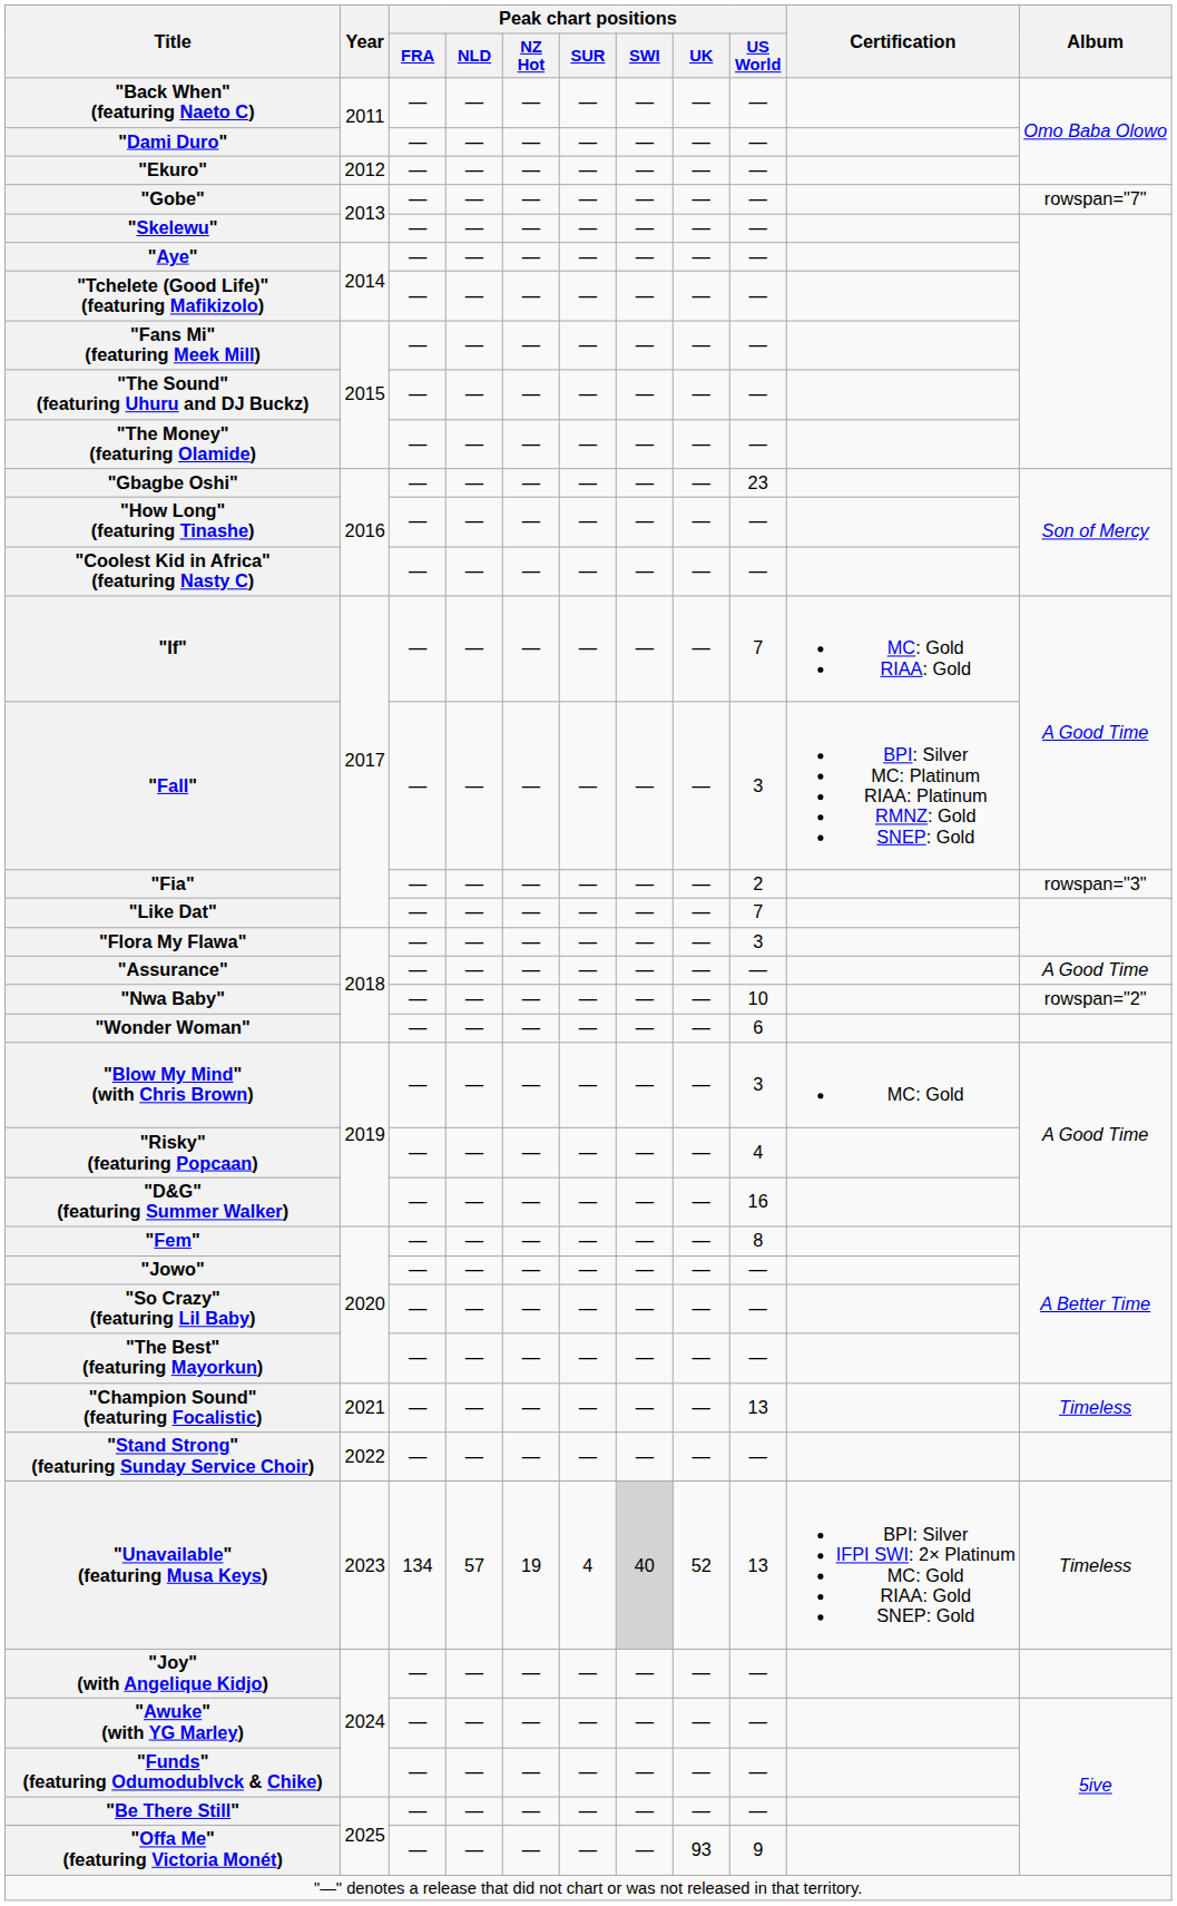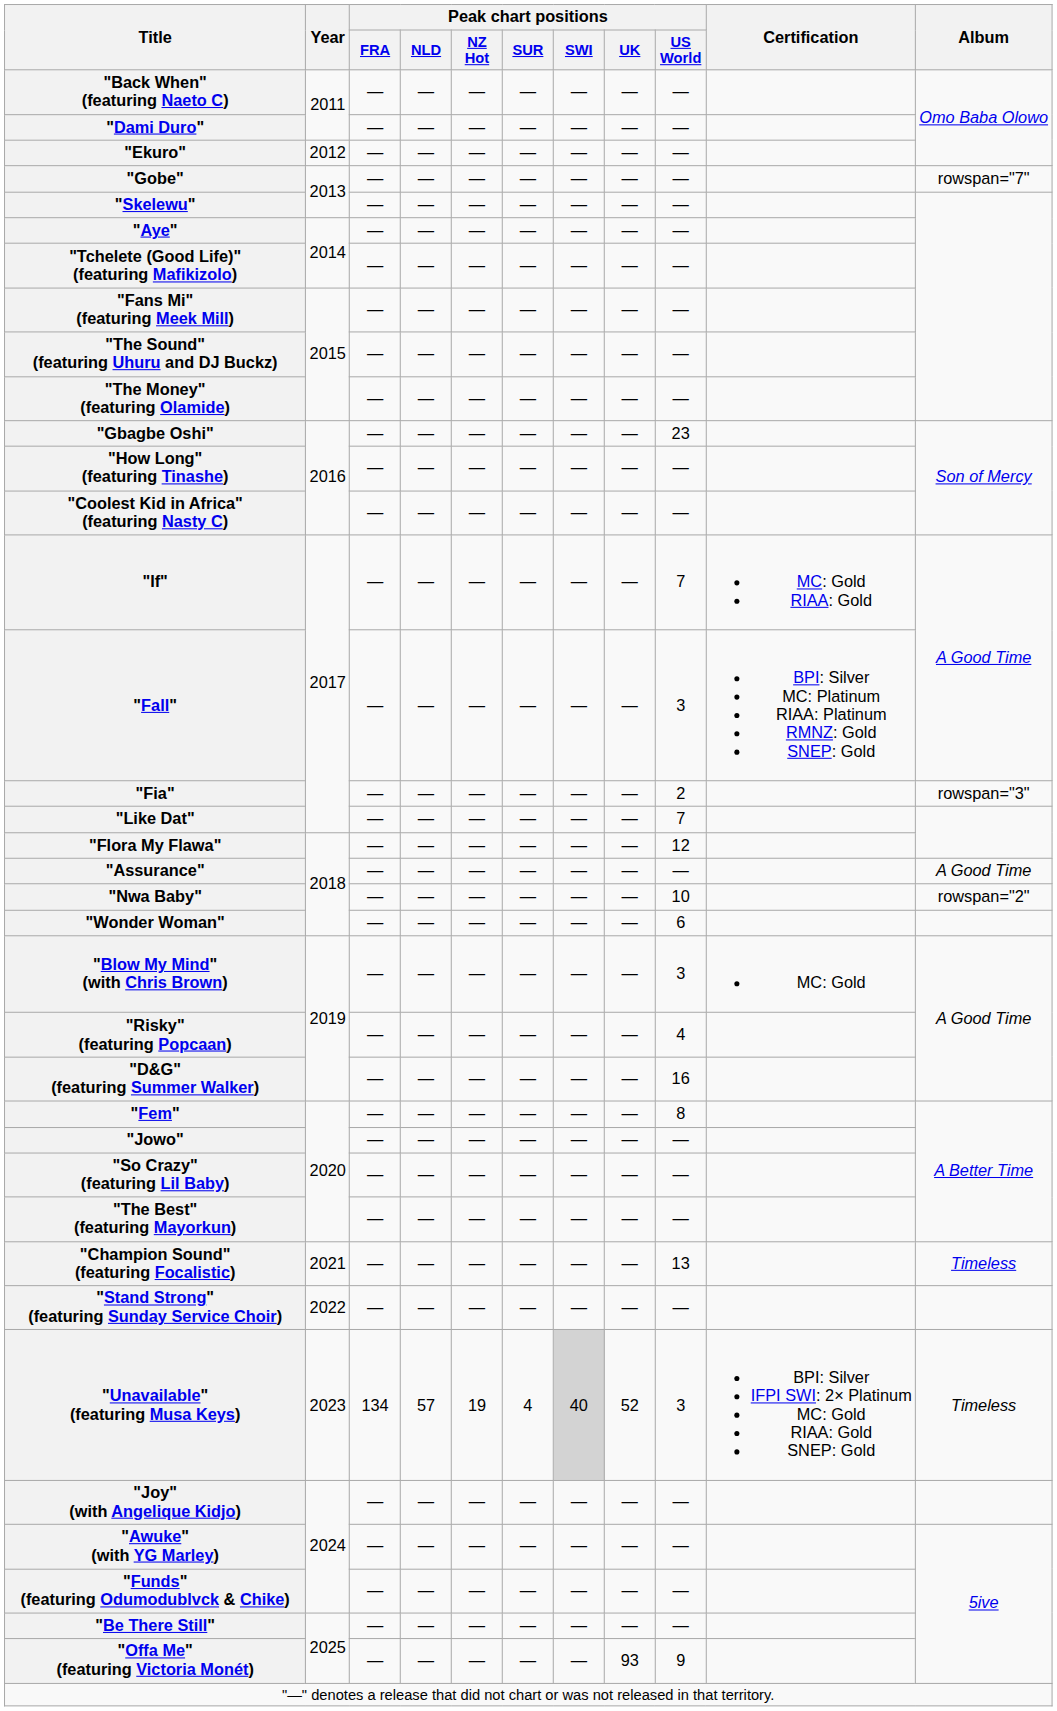 <table class="wikitable plainrowheaders" style="text-align:center;">
 <tr>
 <th scope="col" rowspan="2" style="width:18em;">Title</th>
 <th scope="col" rowspan="2" style="width:1em;">Year</th>
 <th scope="col" colspan="7">Peak chart positions</th>
 <th scope="col" rowspan="2">Certification</th>
 <th scope="col" rowspan="2">Album</th>
 </tr>
 <tr>
 <th scope="col" style="width:3em;font-size:90%;"><a href='#'>FRA</a><br></th>
 <th scope="col" style="width:3em;font-size:90%;"><a href='#'>NLD</a><br></th>
 <th scope="col" style="width:3em;font-size:90%;"><a href='#'>NZ Hot</a><br></th>
 <th scope="col" style="width:3em;font-size:90%;"><a href='#'>SUR</a><br></th>
 <th scope="col" style="width:3em;font-size:90%;"><a href='#'>SWI</a><br></th>
 <th scope="col" style="width:3em;font-size:90%;"><a href='#'>UK</a><br></th>
 <th scope="col" style="width:3em;font-size:90%;"><a href='#'>US World</a><br></th>
 </tr>
 <tr>
 <th scope="row">"Back When"<br><span>(featuring <a href='#'>Naeto C</a>)</span></th>
 <td rowspan="2">2011</td>
 <td>—</td>
 <td>—</td>
 <td>—</td>
 <td>—</td>
 <td>—</td>
 <td>—</td>
 <td>—</td>
 <td></td>
 <td rowspan="3"><em><a href='#'>Omo Baba Olowo</a></em></td>
 </tr>
 <tr>
 <th scope="row">"<a href='#'>Dami Duro</a>"</th>
 <td>—</td>
 <td>—</td>
 <td>—</td>
 <td>—</td>
 <td>—</td>
 <td>—</td>
 <td>—</td>
 <td></td>
 </tr>
 <tr>
 <th scope="row">"Ekuro"</th>
 <td>2012</td>
 <td>—</td>
 <td>—</td>
 <td>—</td>
 <td>—</td>
 <td>—</td>
 <td>—</td>
 <td>—</td>
 <td></td>
 </tr>
 <tr>
 <th scope="row">"Gobe"</th>
 <td rowspan="2">2013</td>
 <td>—</td>
 <td>—</td>
 <td>—</td>
 <td>—</td>
 <td>—</td>
 <td>—</td>
 <td>—</td>
 <td></td>
 <td>rowspan="7" </td>
 </tr>
 <tr>
 <th scope="row">"<a href='#'>Skelewu</a>"</th>
 <td>—</td>
 <td>—</td>
 <td>—</td>
 <td>—</td>
 <td>—</td>
 <td>—</td>
 <td>—</td>
 <td></td>
 </tr>
 <tr>
 <th scope="row">"<a href='#'>Aye</a>"</th>
 <td rowspan="2">2014</td>
 <td>—</td>
 <td>—</td>
 <td>—</td>
 <td>—</td>
 <td>—</td>
 <td>—</td>
 <td>—</td>
 <td></td>
 </tr>
 <tr>
 <th scope="row">"Tchelete (Good Life)"<br><span>(featuring <a href='#'>Mafikizolo</a>)</span></th>
 <td>—</td>
 <td>—</td>
 <td>—</td>
 <td>—</td>
 <td>—</td>
 <td>—</td>
 <td>—</td>
 <td></td>
 </tr>
 <tr>
 <th scope="row">"Fans Mi"<br><span>(featuring <a href='#'>Meek Mill</a>)</span></th>
 <td rowspan="3">2015</td>
 <td>—</td>
 <td>—</td>
 <td>—</td>
 <td>—</td>
 <td>—</td>
 <td>—</td>
 <td>—</td>
 <td></td>
 </tr>
 <tr>
 <th scope="row">"The Sound"<br><span>(featuring <a href='#'>Uhuru</a> and DJ Buckz)</span></th>
 <td>—</td>
 <td>—</td>
 <td>—</td>
 <td>—</td>
 <td>—</td>
 <td>—</td>
 <td>—</td>
 <td></td>
 </tr>
 <tr>
 <th scope="row">"The Money"<br><span>(featuring <a href='#'>Olamide</a>)</span></th>
 <td>—</td>
 <td>—</td>
 <td>—</td>
 <td>—</td>
 <td>—</td>
 <td>—</td>
 <td>—</td>
 <td></td>
 </tr>
 <tr>
 <th scope="row">"Gbagbe Oshi"</th>
 <td rowspan="3">2016</td>
 <td>—</td>
 <td>—</td>
 <td>—</td>
 <td>—</td>
 <td>—</td>
 <td>—</td>
 <td>23</td>
 <td></td>
 <td rowspan="3"><em><a href='#'>Son of Mercy</a></em></td>
 </tr>
 <tr>
 <th scope="row">"How Long"<br><span>(featuring <a href='#'>Tinashe</a>)</span></th>
 <td>—</td>
 <td>—</td>
 <td>—</td>
 <td>—</td>
 <td>—</td>
 <td>—</td>
 <td>—</td>
 <td></td>
 </tr>
 <tr>
 <th scope="row">"Coolest Kid in Africa"<br><span>(featuring <a href='#'>Nasty C</a>)</span></th>
 <td>—</td>
 <td>—</td>
 <td>—</td>
 <td>—</td>
 <td>—</td>
 <td>—</td>
 <td>—</td>
 <td></td>
 </tr>
 <tr>
 <th scope="row">"If"</th>
 <td rowspan="4">2017</td>
 <td>—</td>
 <td>—</td>
 <td>—</td>
 <td>—</td>
 <td>—</td>
 <td>—</td>
 <td>7</td>
 <td><br><ul><li><a href='#'>MC</a>: Gold</li><li><a href='#'>RIAA</a>: Gold</li></ul></td>
 <td rowspan="2"><em><a href='#'>A Good Time</a></em></td>
 </tr>
 <tr>
 <th scope="row">"<a href='#'>Fall</a>"</th>
 <td>—</td>
 <td>—</td>
 <td>—</td>
 <td>—</td>
 <td>—</td>
 <td>—</td>
 <td>3</td>
 <td><br><ul><li><a href='#'>BPI</a>: Silver</li><li>MC: Platinum</li><li>RIAA: Platinum</li><li><a href='#'>RMNZ</a>: Gold</li><li><a href='#'>SNEP</a>: Gold</li></ul></td>
 </tr>
 <tr>
 <th scope="row">"Fia"</th>
 <td>—</td>
 <td>—</td>
 <td>—</td>
 <td>—</td>
 <td>—</td>
 <td>—</td>
 <td>2</td>
 <td></td>
 <td>rowspan="3" </td>
 </tr>
 <tr>
 <th scope="row">"Like Dat"</th>
 <td>—</td>
 <td>—</td>
 <td>—</td>
 <td>—</td>
 <td>—</td>
 <td>—</td>
 <td>7</td>
 <td></td>
 </tr>
 <tr>
 <th scope="row">"Flora My Flawa"</th>
 <td rowspan="4">2018</td>
 <td>—</td>
 <td>—</td>
 <td>—</td>
 <td>—</td>
 <td>—</td>
 <td>—</td>
-<td>3</td>
+<td>12</td>
 <td></td>
 </tr>
 <tr>
 <th scope="row">"Assurance"</th>
 <td>—</td>
 <td>—</td>
 <td>—</td>
 <td>—</td>
 <td>—</td>
 <td>—</td>
 <td>—</td>
 <td></td>
 <td><em>A Good Time</em></td>
 </tr>
 <tr>
 <th scope="row">"Nwa Baby"</th>
 <td>—</td>
 <td>—</td>
 <td>—</td>
 <td>—</td>
 <td>—</td>
 <td>—</td>
 <td>10</td>
 <td></td>
 <td>rowspan="2" </td>
 </tr>
 <tr>
 <th scope="row">"Wonder Woman"</th>
 <td>—</td>
 <td>—</td>
 <td>—</td>
 <td>—</td>
 <td>—</td>
 <td>—</td>
 <td>6</td>
 <td></td>
 </tr>
 <tr>
 <th scope="row">"<a href='#'>Blow My Mind</a>"<br><span>(with <a href='#'>Chris Brown</a>)</span></th>
 <td rowspan="3">2019</td>
 <td>—</td>
 <td>—</td>
 <td>—</td>
 <td>—</td>
 <td>—</td>
 <td>—</td>
 <td>3</td>
 <td><br><ul><li>MC: Gold</li></ul></td>
 <td rowspan="3"><em>A Good Time</em></td>
 </tr>
 <tr>
 <th scope="row">"Risky"<br><span>(featuring <a href='#'>Popcaan</a>)</span></th>
 <td>—</td>
 <td>—</td>
 <td>—</td>
 <td>—</td>
 <td>—</td>
 <td>—</td>
 <td>4</td>
 <td></td>
 </tr>
 <tr>
 <th scope="row">"D&G"<br><span>(featuring <a href='#'>Summer Walker</a>)</span></th>
 <td>—</td>
 <td>—</td>
 <td>—</td>
 <td>—</td>
 <td>—</td>
 <td>—</td>
 <td>16</td>
 <td></td>
 </tr>
 <tr>
 <th scope="row">"<a href='#'>Fem</a>"</th>
 <td rowspan="4">2020</td>
 <td>—</td>
 <td>—</td>
 <td>—</td>
 <td>—</td>
 <td>—</td>
 <td>—</td>
 <td>8</td>
 <td></td>
 <td rowspan="4"><em><a href='#'>A Better Time</a></em></td>
 </tr>
 <tr>
 <th scope="row">"Jowo"</th>
 <td>—</td>
 <td>—</td>
 <td>—</td>
 <td>—</td>
 <td>—</td>
 <td>—</td>
 <td>—</td>
 <td></td>
 </tr>
 <tr>
 <th scope="row">"So Crazy"<br><span>(featuring <a href='#'>Lil Baby</a>)</span></th>
 <td>—</td>
 <td>—</td>
 <td>—</td>
 <td>—</td>
 <td>—</td>
 <td>—</td>
 <td>—</td>
 <td></td>
 </tr>
 <tr>
 <th scope="row">"The Best"<br><span>(featuring <a href='#'>Mayorkun</a>)</span></th>
 <td>—</td>
 <td>—</td>
 <td>—</td>
 <td>—</td>
 <td>—</td>
 <td>—</td>
 <td>—</td>
 <td></td>
 </tr>
 <tr>
 <th scope="row">"Champion Sound"<br><span>(featuring <a href='#'>Focalistic</a>)</span></th>
 <td>2021</td>
 <td>—</td>
 <td>—</td>
 <td>—</td>
 <td>—</td>
 <td>—</td>
 <td>—</td>
 <td>13</td>
 <td></td>
 <td><em><a href='#'>Timeless</a></em></td>
 </tr>
 <tr>
 <th scope="row">"<a href='#'>Stand Strong</a>"<br><span>(featuring <a href='#'>Sunday Service Choir</a>)</span></th>
 <td>2022</td>
 <td>—</td>
 <td>—</td>
 <td>—</td>
 <td>—</td>
 <td>—</td>
 <td>—</td>
 <td>—</td>
 <td></td>
 <td></td>
 </tr>
 <tr>
 <th scope="row">"<a href='#'>Unavailable</a>"<br><span>(featuring <a href='#'>Musa Keys</a>)</span></th>
 <td>2023</td>
 <td>134</td>
 <td>57</td>
 <td>19</td>
 <td>4</td>
 <td style="background: lightgrey;">40</td>
 <td>52</td>
-<td>13</td>
+<td>3</td>
 <td><br><ul><li>BPI: Silver</li><li><a href='#'>IFPI SWI</a>: 2× Platinum</li><li>MC: Gold</li><li>RIAA: Gold</li><li>SNEP: Gold</li></ul></td>
 <td><em>Timeless</em></td>
 </tr>
 <tr>
 <th scope="row">"Joy"<br><span>(with <a href='#'>Angelique Kidjo</a>)</span></th>
 <td rowspan="3">2024</td>
 <td>—</td>
 <td>—</td>
 <td>—</td>
 <td>—</td>
 <td>—</td>
 <td>—</td>
 <td>—</td>
 <td></td>
 <td></td>
 </tr>
 <tr>
 <th scope="row">"<a href='#'>Awuke</a>"<br><span>(with <a href='#'>YG Marley</a>)</span></th>
 <td>—</td>
 <td>—</td>
 <td>—</td>
 <td>—</td>
 <td>—</td>
 <td>—</td>
 <td>—</td>
 <td></td>
 <td rowspan="4"><em><a href='#'>5ive</a></em></td>
 </tr>
 <tr>
 <th scope="row">"<a href='#'>Funds</a>"<br><span>(featuring <a href='#'>Odumodublvck</a> & <a href='#'>Chike</a>)</span></th>
 <td>—</td>
 <td>—</td>
 <td>—</td>
 <td>—</td>
 <td>—</td>
 <td>—</td>
 <td>—</td>
 <td></td>
 </tr>
 <tr>
 <th scope="row">"<a href='#'>Be There Still</a>"</th>
 <td rowspan="2">2025</td>
 <td>—</td>
 <td>—</td>
 <td>—</td>
 <td>—</td>
 <td>—</td>
 <td>—</td>
 <td>—</td>
 <td></td>
 </tr>
 <tr>
 <th scope="row">"<a href='#'>Offa Me</a>"<br><span>(featuring <a href='#'>Victoria Monét</a>)</span></th>
 <td>—</td>
 <td>—</td>
 <td>—</td>
 <td>—</td>
 <td>—</td>
 <td>93</td>
 <td>9</td>
 <td></td>
 </tr>
 <tr>
 <td colspan="11" style="font-size:90%">"—" denotes a release that did not chart or was not released in that territory.</td>
 </tr>
 </table>
